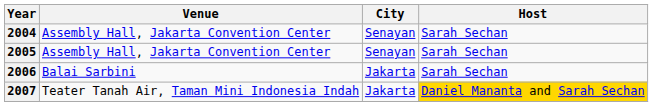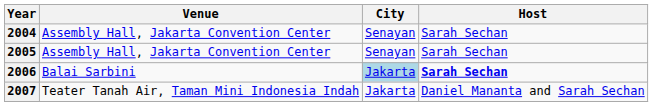 <table class="wikitable" style="font-size: 95%;">
 <tr>
 <th>Year</th>
 <th>Venue</th>
 <th>City</th>
 <th>Host</th>
 </tr>
 <tr>
 <th>2004</th>
 <td><a href='#'>Assembly Hall</a>, <a href='#'>Jakarta Convention Center</a></td>
 <td><a href='#'>Senayan</a></td>
 <td><a href='#'>Sarah Sechan</a></td>
 </tr>
 <tr>
 <th>2005</th>
 <td><a href='#'>Assembly Hall</a>, <a href='#'>Jakarta Convention Center</a></td>
 <td><a href='#'>Senayan</a></td>
 <td><a href='#'>Sarah Sechan</a></td>
 </tr>
 <tr>
 <th>2006</th>
 <td><a href='#'>Balai Sarbini</a></td>
-<td><a href='#'>Jakarta</a></td>
-<td><a href='#'>Sarah Sechan</a></td>
+<td style="background: lightblue;"><a href='#'>Jakarta</a></td>
+<td><strong><a href='#'>Sarah Sechan</a></strong></td>
 </tr>
 <tr>
 <th>2007</th>
 <td>Teater Tanah Air, <a href='#'>Taman Mini Indonesia Indah</a></td>
 <td><a href='#'>Jakarta</a></td>
-<td style="background: gold;"><a href='#'>Daniel Mananta</a> and <a href='#'>Sarah Sechan</a></td>
+<td><a href='#'>Daniel Mananta</a> and <a href='#'>Sarah Sechan</a></td>
 </tr>
 <tr>
 </tr>
 </table>
